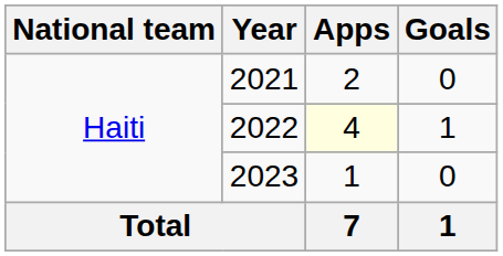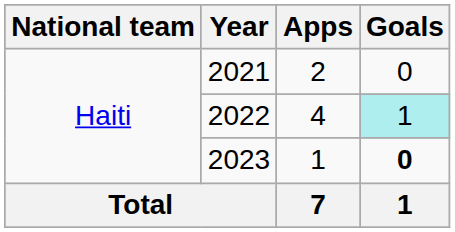 <table class="wikitable" style="text-align:center">
 <tr>
 <th>National team</th>
 <th>Year</th>
 <th>Apps</th>
 <th>Goals</th>
 </tr>
 <tr>
 <td rowspan="3"><a href='#'>Haiti</a></td>
 <td>2021</td>
 <td>2</td>
 <td>0</td>
 </tr>
 <tr>
 <td>2022</td>
-<td style="background: lightyellow;">4</td>
-<td>1</td>
+<td>4</td>
+<td style="background: paleturquoise;">1</td>
 </tr>
 <tr>
 <td>2023</td>
 <td>1</td>
-<td>0</td>
+<td><strong>0</strong></td>
 </tr>
 <tr>
 <th colspan="2">Total</th>
 <th>7</th>
 <th>1</th>
 </tr>
 </table>
